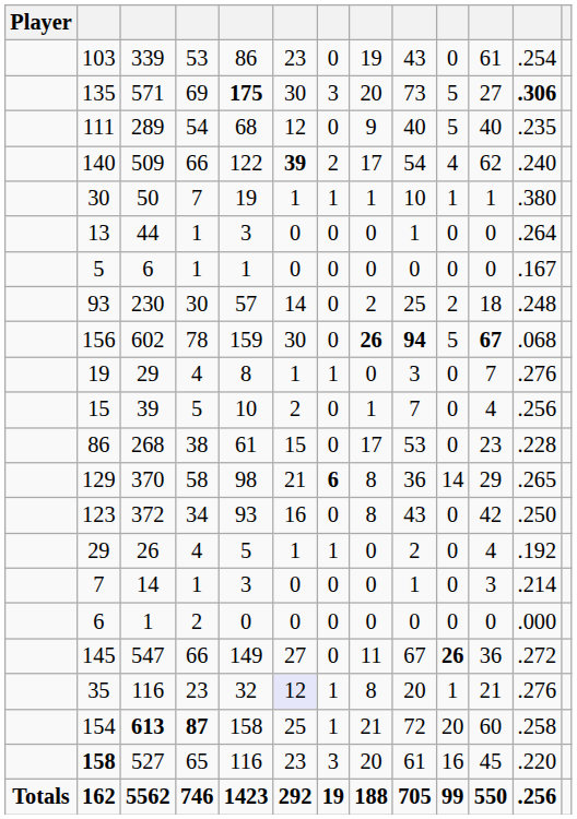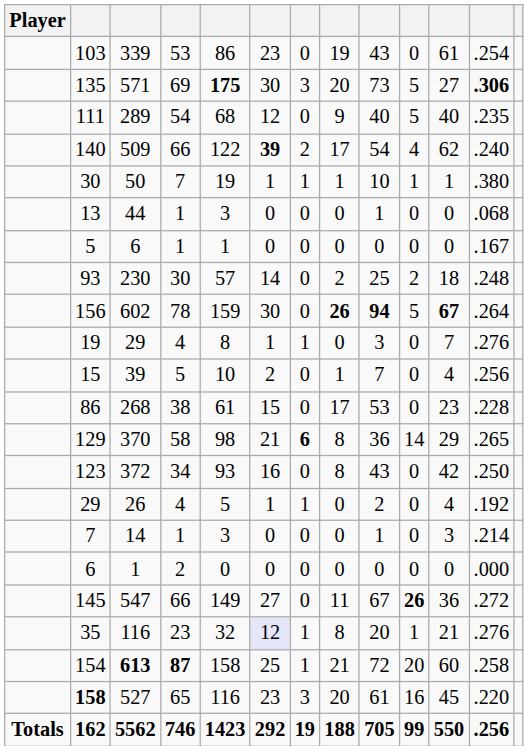 <table class="wikitable sortable">
 <tr>
 <th>Player</th>
 <th></th>
 <th></th>
 <th></th>
 <th></th>
 <th></th>
 <th></th>
 <th></th>
 <th></th>
 <th></th>
 <th></th>
 <th></th>
 <th></th>
 </tr>
 <tr align=center>
 <td></td>
 <td>103</td>
 <td>339</td>
 <td>53</td>
 <td>86</td>
 <td>23</td>
 <td>0</td>
 <td>19</td>
 <td>43</td>
 <td>0</td>
 <td>61</td>
 <td>.254</td>
 <td></td>
 </tr>
 <tr align=center>
 <td></td>
 <td>135</td>
 <td>571</td>
 <td>69</td>
 <td><strong>175</strong></td>
 <td>30</td>
 <td>3</td>
 <td>20</td>
 <td>73</td>
 <td>5</td>
 <td>27</td>
 <td><strong>.306</strong></td>
 <td></td>
 </tr>
 <tr align=center>
 <td></td>
 <td>111</td>
 <td>289</td>
 <td>54</td>
 <td>68</td>
 <td>12</td>
 <td>0</td>
 <td>9</td>
 <td>40</td>
 <td>5</td>
 <td>40</td>
 <td>.235</td>
 <td></td>
 </tr>
 <tr align=center>
 <td></td>
 <td>140</td>
 <td>509</td>
 <td>66</td>
 <td>122</td>
 <td><strong>39</strong></td>
 <td>2</td>
 <td>17</td>
 <td>54</td>
 <td>4</td>
 <td>62</td>
 <td>.240</td>
 <td></td>
 </tr>
 <tr align=center>
 <td></td>
 <td>30</td>
 <td>50</td>
 <td>7</td>
 <td>19</td>
 <td>1</td>
 <td>1</td>
 <td>1</td>
 <td>10</td>
 <td>1</td>
 <td>1</td>
 <td>.380</td>
 <td></td>
 </tr>
 <tr align=center>
 <td></td>
 <td>13</td>
 <td>44</td>
 <td>1</td>
 <td>3</td>
 <td>0</td>
 <td>0</td>
 <td>0</td>
 <td>1</td>
 <td>0</td>
 <td>0</td>
-<td>.264</td>
+<td>.068</td>
 <td></td>
 </tr>
 <tr align=center>
 <td></td>
 <td>5</td>
 <td>6</td>
 <td>1</td>
 <td>1</td>
 <td>0</td>
 <td>0</td>
 <td>0</td>
 <td>0</td>
 <td>0</td>
 <td>0</td>
 <td>.167</td>
 <td></td>
 </tr>
 <tr align=center>
 <td></td>
 <td>93</td>
 <td>230</td>
 <td>30</td>
 <td>57</td>
 <td>14</td>
 <td>0</td>
 <td>2</td>
 <td>25</td>
 <td>2</td>
 <td>18</td>
 <td>.248</td>
 <td></td>
 </tr>
 <tr align=center>
 <td></td>
 <td>156</td>
 <td>602</td>
 <td>78</td>
 <td>159</td>
 <td>30</td>
 <td>0</td>
 <td><strong>26</strong></td>
 <td><strong>94</strong></td>
 <td>5</td>
 <td><strong>67</strong></td>
-<td>.068</td>
+<td>.264</td>
 <td></td>
 </tr>
 <tr align=center>
 <td></td>
 <td>19</td>
 <td>29</td>
 <td>4</td>
 <td>8</td>
 <td>1</td>
 <td>1</td>
 <td>0</td>
 <td>3</td>
 <td>0</td>
 <td>7</td>
 <td>.276</td>
 <td></td>
 </tr>
 <tr align=center>
 <td></td>
 <td>15</td>
 <td>39</td>
 <td>5</td>
 <td>10</td>
 <td>2</td>
 <td>0</td>
 <td>1</td>
 <td>7</td>
 <td>0</td>
 <td>4</td>
 <td>.256</td>
 <td></td>
 </tr>
 <tr align=center>
 <td></td>
 <td>86</td>
 <td>268</td>
 <td>38</td>
 <td>61</td>
 <td>15</td>
 <td>0</td>
 <td>17</td>
 <td>53</td>
 <td>0</td>
 <td>23</td>
 <td>.228</td>
 <td></td>
 </tr>
 <tr align=center>
 <td></td>
 <td>129</td>
 <td>370</td>
 <td>58</td>
 <td>98</td>
 <td>21</td>
 <td><strong>6</strong></td>
 <td>8</td>
 <td>36</td>
 <td>14</td>
 <td>29</td>
 <td>.265</td>
 <td></td>
 </tr>
 <tr align=center>
 <td></td>
 <td>123</td>
 <td>372</td>
 <td>34</td>
 <td>93</td>
 <td>16</td>
 <td>0</td>
 <td>8</td>
 <td>43</td>
 <td>0</td>
 <td>42</td>
 <td>.250</td>
 <td></td>
 </tr>
 <tr align=center>
 <td></td>
 <td>29</td>
 <td>26</td>
 <td>4</td>
 <td>5</td>
 <td>1</td>
 <td>1</td>
 <td>0</td>
 <td>2</td>
 <td>0</td>
 <td>4</td>
 <td>.192</td>
 <td></td>
 </tr>
 <tr align=center>
 <td></td>
 <td>7</td>
 <td>14</td>
 <td>1</td>
 <td>3</td>
 <td>0</td>
 <td>0</td>
 <td>0</td>
 <td>1</td>
 <td>0</td>
 <td>3</td>
 <td>.214</td>
 <td></td>
 </tr>
 <tr align=center>
 <td></td>
 <td>6</td>
 <td>1</td>
 <td>2</td>
 <td>0</td>
 <td>0</td>
 <td>0</td>
 <td>0</td>
 <td>0</td>
 <td>0</td>
 <td>0</td>
 <td>.000</td>
 <td></td>
 </tr>
 <tr align=center>
 <td></td>
 <td>145</td>
 <td>547</td>
 <td>66</td>
 <td>149</td>
 <td>27</td>
 <td>0</td>
 <td>11</td>
 <td>67</td>
 <td><strong>26</strong></td>
 <td>36</td>
 <td>.272</td>
 <td></td>
 </tr>
 <tr align=center>
 <td></td>
 <td>35</td>
 <td>116</td>
 <td>23</td>
 <td>32</td>
 <td style="background: lavender;">12</td>
 <td>1</td>
 <td>8</td>
 <td>20</td>
 <td>1</td>
 <td>21</td>
 <td>.276</td>
 <td></td>
 </tr>
 <tr align=center>
 <td></td>
 <td>154</td>
 <td><strong>613</strong></td>
 <td><strong>87</strong></td>
 <td>158</td>
 <td>25</td>
 <td>1</td>
 <td>21</td>
 <td>72</td>
 <td>20</td>
 <td>60</td>
 <td>.258</td>
 <td></td>
 </tr>
 <tr align=center>
 <td></td>
 <td><strong>158</strong></td>
 <td>527</td>
 <td>65</td>
 <td>116</td>
 <td>23</td>
 <td>3</td>
 <td>20</td>
 <td>61</td>
 <td>16</td>
 <td>45</td>
 <td>.220</td>
 <td></td>
 </tr>
 <tr align=center>
 <td><strong>Totals</strong></td>
 <td><strong>162</strong></td>
 <td><strong>5562</strong></td>
 <td><strong>746</strong></td>
 <td><strong>1423</strong></td>
 <td><strong>292</strong></td>
 <td><strong>19</strong></td>
 <td><strong>188</strong></td>
 <td><strong>705</strong></td>
 <td><strong>99</strong></td>
 <td><strong>550</strong></td>
 <td><strong>.256</strong></td>
 <td></td>
 </tr>
 </table>
